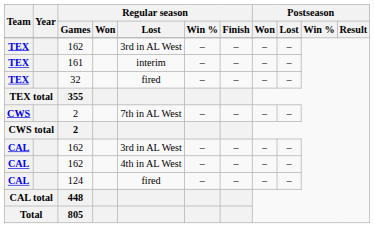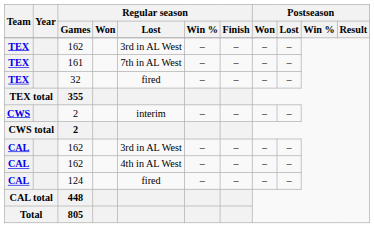 <table class="wikitable" style="font-size: 95%; text-align:center;">
 <tr>
 <th rowspan="2">Team</th>
 <th rowspan="2">Year</th>
 <th colspan="5">Regular season</th>
 <th colspan="4">Postseason</th>
 </tr>
 <tr>
 <th>Games</th>
 <th>Won</th>
 <th>Lost</th>
 <th>Win %</th>
 <th>Finish</th>
 <th>Won</th>
 <th>Lost</th>
 <th>Win %</th>
 <th>Result</th>
 </tr>
 <tr>
 </tr>
 <tr>
 <th><a href='#'>TEX</a></th>
 <th></th>
 <td>162</td>
 <td></td>
 <td>3rd in AL West</td>
 <td>–</td>
 <td>–</td>
 <td>–</td>
 <td>–</td>
 </tr>
 <tr>
 <th><a href='#'>TEX</a></th>
 <th></th>
 <td>161</td>
 <td></td>
-<td>interim</td>
+<td>7th in AL West</td>
 <td>–</td>
 <td>–</td>
 <td>–</td>
 <td>–</td>
 </tr>
 <tr>
 <th><a href='#'>TEX</a></th>
 <th></th>
 <td>32</td>
 <td></td>
 <td>fired</td>
 <td>–</td>
 <td>–</td>
 <td>–</td>
 <td>–</td>
 </tr>
 <tr>
 <th colspan="2">TEX total</th>
 <th>355</th>
 <th></th>
 <th></th>
 <th></th>
 <th></th>
 </tr>
 <tr>
 <th><a href='#'>CWS</a></th>
 <th></th>
 <td>2</td>
 <td></td>
-<td>7th in AL West</td>
+<td>interim</td>
 <td>–</td>
 <td>–</td>
 <td>–</td>
 <td>–</td>
 </tr>
 <tr>
 <th colspan="2">CWS total</th>
 <th>2</th>
 <th></th>
 <th></th>
 <th></th>
 <th></th>
 </tr>
 <tr>
 <th><a href='#'>CAL</a></th>
 <th></th>
 <td>162</td>
 <td></td>
 <td>3rd in AL West</td>
 <td>–</td>
 <td>–</td>
 <td>–</td>
 <td>–</td>
 </tr>
 <tr>
 <th><a href='#'>CAL</a></th>
 <th></th>
 <td>162</td>
 <td></td>
 <td>4th in AL West</td>
 <td>–</td>
 <td>–</td>
 <td>–</td>
 <td>–</td>
 </tr>
 <tr>
 <th><a href='#'>CAL</a></th>
 <th></th>
 <td>124</td>
 <td></td>
 <td>fired</td>
 <td>–</td>
 <td>–</td>
 <td>–</td>
 <td>–</td>
 </tr>
 <tr>
 <th colspan="2">CAL total</th>
 <th>448</th>
 <th></th>
 <th></th>
 <th></th>
 <th></th>
 </tr>
 <tr>
 <th colspan="2">Total</th>
 <th>805</th>
 <th></th>
 <th></th>
 <th></th>
 <th></th>
 </tr>
 </table>
